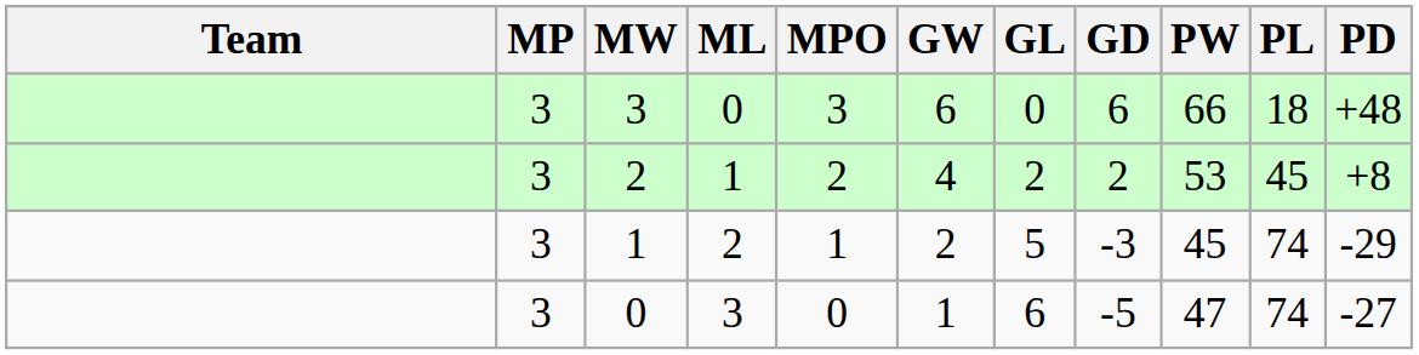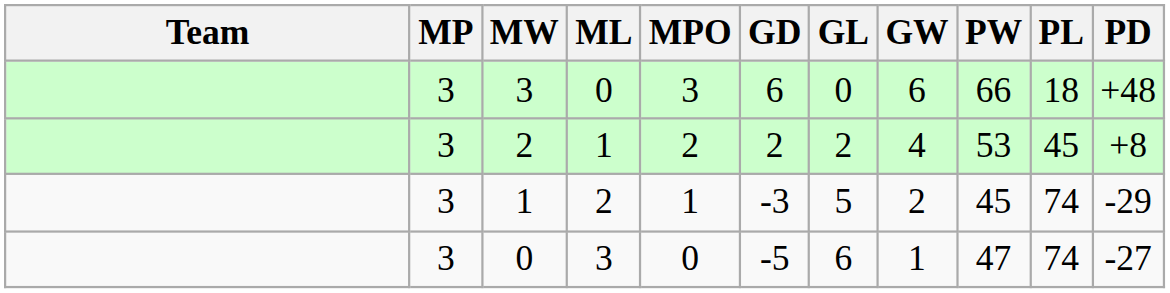 <table class=wikitable style="text-align:center">
 <tr>
 <th width=175>Team</th>
 <th width=20>MP</th>
 <th width=20>MW</th>
 <th width=20>ML</th>
 <th width=20>MPO</th>
+<th width=20>GD</th>
+<th width=20>GL</th>
 <th width=20>GW</th>
-<th width=20>GL</th>
-<th width=20>GD</th>
 <th width=20>PW</th>
 <th width=20>PL</th>
 <th width=20>PD</th>
 </tr>
 <tr style="background:#cfc;">
 <td align=left><strong><br></strong></td>
 <td>3</td>
 <td>3</td>
 <td>0</td>
 <td>3</td>
 <td>6</td>
 <td>0</td>
 <td>6</td>
 <td>66</td>
 <td>18</td>
 <td>+48</td>
 </tr>
 <tr style="background:#cfc;">
 <td align=left><strong><br></strong></td>
 <td>3</td>
 <td>2</td>
 <td>1</td>
 <td>2</td>
-<td>4</td>
 <td>2</td>
 <td>2</td>
+<td>4</td>
 <td>53</td>
 <td>45</td>
 <td>+8</td>
 </tr>
 <tr>
 <td align=left><br></td>
 <td>3</td>
 <td>1</td>
 <td>2</td>
 <td>1</td>
+<td>-3</td>
+<td>5</td>
 <td>2</td>
-<td>5</td>
-<td>-3</td>
 <td>45</td>
 <td>74</td>
 <td>-29</td>
 </tr>
 <tr>
 <td align=left><br></td>
 <td>3</td>
 <td>0</td>
 <td>3</td>
 <td>0</td>
+<td>-5</td>
+<td>6</td>
 <td>1</td>
-<td>6</td>
-<td>-5</td>
 <td>47</td>
 <td>74</td>
 <td>-27</td>
 </tr>
 </table>
